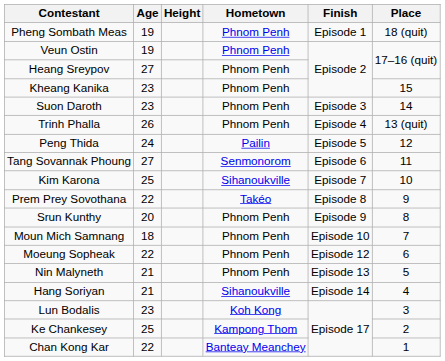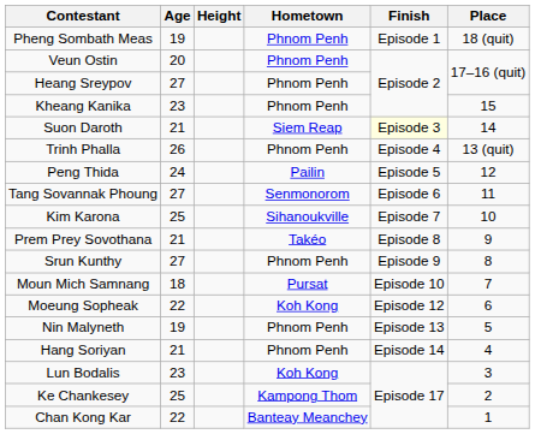 <table class="wikitable sortable" style="text-align:center;">
 <tr>
 <th>Contestant</th>
 <th>Age</th>
 <th>Height</th>
 <th>Hometown</th>
 <th>Finish</th>
 <th>Place</th>
 </tr>
 <tr>
 <td>Pheng Sombath Meas</td>
 <td>19</td>
 <td></td>
 <td><a href='#'>Phnom Penh</a></td>
 <td>Episode 1</td>
 <td>18 (quit)</td>
 </tr>
 <tr>
 <td>Veun Ostin</td>
-<td>19</td>
+<td>20</td>
 <td></td>
 <td><a href='#'>Phnom Penh</a></td>
 <td rowspan="3">Episode 2</td>
 <td rowspan="2">17–16 (quit)</td>
 </tr>
 <tr>
 <td>Heang Sreypov</td>
 <td>27</td>
 <td></td>
 <td>Phnom Penh</td>
 </tr>
 <tr>
 <td>Kheang Kanika</td>
 <td>23</td>
 <td></td>
 <td>Phnom Penh</td>
 <td>15</td>
 </tr>
 <tr>
 <td>Suon Daroth</td>
-<td>23</td>
+<td>21</td>
 <td></td>
-<td>Phnom Penh</td>
-<td>Episode 3</td>
+<td><a href='#'>Siem Reap</a></td>
+<td style="background: lightyellow;">Episode 3</td>
 <td>14</td>
 </tr>
 <tr>
 <td>Trinh Phalla</td>
 <td>26</td>
 <td></td>
 <td>Phnom Penh</td>
 <td>Episode 4</td>
 <td>13 (quit)</td>
 </tr>
 <tr>
 <td>Peng Thida</td>
 <td>24</td>
 <td></td>
 <td><a href='#'>Pailin</a></td>
 <td>Episode 5</td>
 <td>12</td>
 </tr>
 <tr>
 <td>Tang Sovannak Phoung</td>
 <td>27</td>
 <td></td>
 <td><a href='#'>Senmonorom</a></td>
 <td>Episode 6</td>
 <td>11</td>
 </tr>
 <tr>
 <td>Kim Karona</td>
 <td>25</td>
 <td></td>
 <td><a href='#'>Sihanoukville</a></td>
 <td>Episode 7</td>
 <td>10</td>
 </tr>
 <tr>
 <td>Prem Prey Sovothana</td>
-<td>22</td>
+<td>21</td>
 <td></td>
 <td><a href='#'>Takéo</a></td>
 <td>Episode 8</td>
 <td>9</td>
 </tr>
 <tr>
 <td>Srun Kunthy</td>
-<td>20</td>
+<td>27</td>
 <td></td>
 <td>Phnom Penh</td>
 <td>Episode 9</td>
 <td>8</td>
 </tr>
 <tr>
 <td>Moun Mich Samnang</td>
 <td>18</td>
 <td></td>
-<td>Phnom Penh</td>
+<td><a href='#'>Pursat</a></td>
 <td>Episode 10</td>
 <td>7</td>
 </tr>
 <tr>
 <td>Moeung Sopheak</td>
 <td>22</td>
 <td></td>
-<td>Phnom Penh</td>
+<td><a href='#'>Koh Kong</a></td>
 <td>Episode 12</td>
 <td>6</td>
 </tr>
 <tr>
 <td>Nin Malyneth</td>
-<td>21</td>
+<td>19</td>
 <td></td>
 <td>Phnom Penh</td>
 <td>Episode 13</td>
 <td>5</td>
 </tr>
 <tr>
 <td>Hang Soriyan</td>
 <td>21</td>
 <td></td>
-<td><a href='#'>Sihanoukville</a></td>
+<td>Phnom Penh</td>
 <td>Episode 14</td>
 <td>4</td>
 </tr>
 <tr>
 <td>Lun Bodalis</td>
 <td>23</td>
 <td></td>
 <td><a href='#'>Koh Kong</a></td>
 <td rowspan="3">Episode 17</td>
 <td>3</td>
 </tr>
 <tr>
 <td>Ke Chankesey</td>
 <td>25</td>
 <td></td>
 <td><a href='#'>Kampong Thom</a></td>
 <td>2</td>
 </tr>
 <tr>
 <td>Chan Kong Kar</td>
 <td>22</td>
 <td></td>
 <td><a href='#'>Banteay Meanchey</a></td>
 <td>1</td>
 </tr>
 </table>
